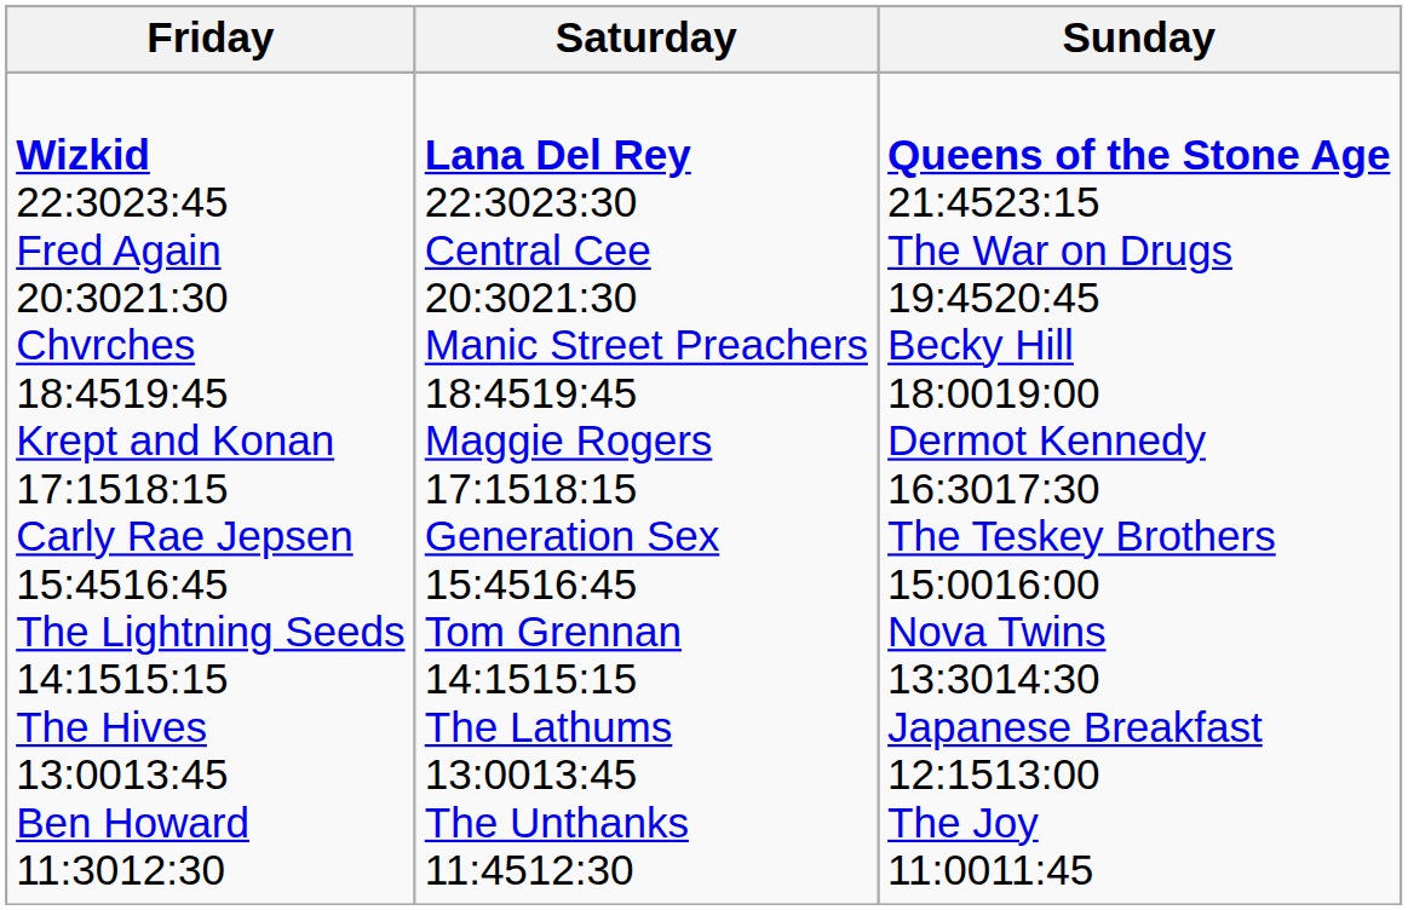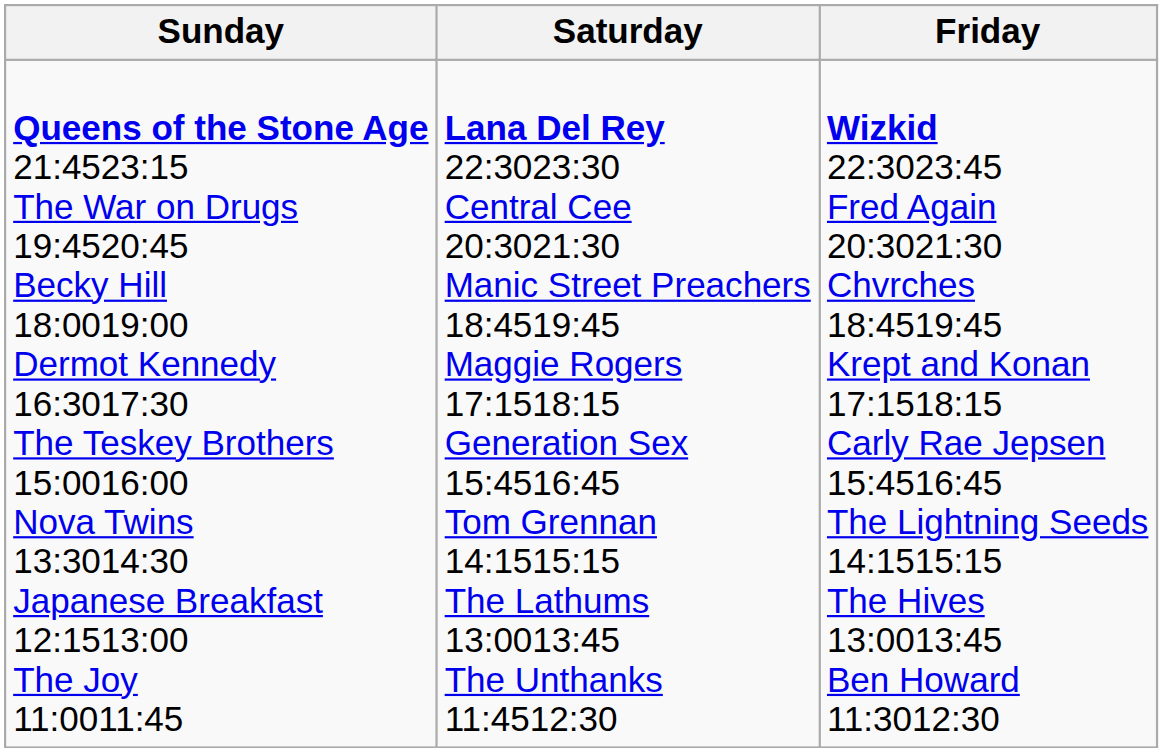 <table class="wikitable">
 <tr>
+<th>Sunday</th>
+<th>Saturday</th>
 <th>Friday</th>
-<th>Saturday</th>
-<th>Sunday</th>
 </tr>
 <tr valign="top">
+<td><br><strong><a href='#'>Queens of the Stone Age</a></strong><br>21:4523:15<br> <a href='#'>The War on Drugs</a><br>19:4520:45<br> <a href='#'>Becky Hill</a><br>18:0019:00<br> <a href='#'>Dermot Kennedy</a><br>16:3017:30<br> <a href='#'>The Teskey Brothers</a><br>15:0016:00<br> <a href='#'>Nova Twins</a><br>13:3014:30<br> <a href='#'>Japanese Breakfast</a><br>12:1513:00<br> <a href='#'>The Joy</a><br>11:0011:45</td>
+<td><br><strong><a href='#'>Lana Del Rey</a></strong><br>22:3023:30<br> <a href='#'>Central Cee</a><br>20:3021:30<br> <a href='#'>Manic Street Preachers</a><br>18:4519:45<br> <a href='#'>Maggie Rogers</a><br>17:1518:15<br> <a href='#'>Generation Sex</a><br>15:4516:45<br> <a href='#'>Tom Grennan</a><br>14:1515:15<br> <a href='#'>The Lathums</a><br>13:0013:45<br> <a href='#'>The Unthanks</a><br>11:4512:30</td>
 <td><br><strong><a href='#'>Wizkid</a></strong><br>22:3023:45<br> <a href='#'>Fred Again</a><br>20:3021:30<br> <a href='#'>Chvrches</a><br>18:4519:45<br> <a href='#'>Krept and Konan</a><br>17:1518:15<br> <a href='#'>Carly Rae Jepsen</a><br>15:4516:45<br> <a href='#'>The Lightning Seeds</a><br>14:1515:15<br> <a href='#'>The Hives</a><br>13:0013:45<br> <a href='#'>Ben Howard</a><br>11:3012:30</td>
-<td><br><strong><a href='#'>Lana Del Rey</a></strong><br>22:3023:30<br> <a href='#'>Central Cee</a><br>20:3021:30<br> <a href='#'>Manic Street Preachers</a><br>18:4519:45<br> <a href='#'>Maggie Rogers</a><br>17:1518:15<br> <a href='#'>Generation Sex</a><br>15:4516:45<br> <a href='#'>Tom Grennan</a><br>14:1515:15<br> <a href='#'>The Lathums</a><br>13:0013:45<br> <a href='#'>The Unthanks</a><br>11:4512:30</td>
-<td><br><strong><a href='#'>Queens of the Stone Age</a></strong><br>21:4523:15<br> <a href='#'>The War on Drugs</a><br>19:4520:45<br> <a href='#'>Becky Hill</a><br>18:0019:00<br> <a href='#'>Dermot Kennedy</a><br>16:3017:30<br> <a href='#'>The Teskey Brothers</a><br>15:0016:00<br> <a href='#'>Nova Twins</a><br>13:3014:30<br> <a href='#'>Japanese Breakfast</a><br>12:1513:00<br> <a href='#'>The Joy</a><br>11:0011:45</td>
 </tr>
 </table>
